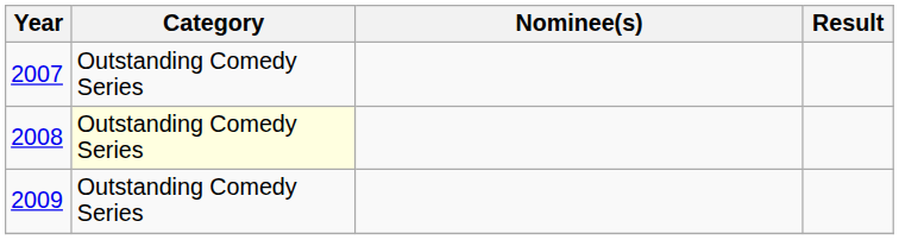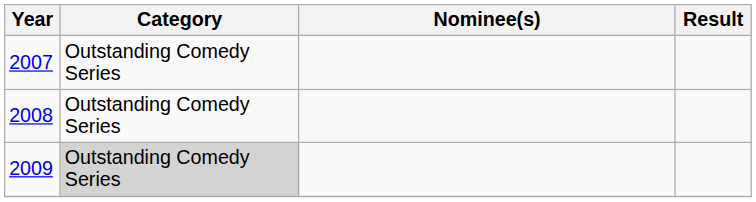 <table class="wikitable">
 <tr>
 <th width="2%">Year</th>
 <th width="27%">Category</th>
 <th width="42.5%">Nominee(s)</th>
 <th width="5%">Result</th>
 </tr>
 <tr>
 <td><a href='#'>2007</a></td>
 <td>Outstanding Comedy Series</td>
 <td></td>
 <td></td>
 </tr>
 <tr>
 <td><a href='#'>2008</a></td>
-<td style="background: lightyellow;">Outstanding Comedy Series</td>
+<td>Outstanding Comedy Series</td>
 <td></td>
 <td></td>
 </tr>
 <tr>
 <td><a href='#'>2009</a></td>
-<td>Outstanding Comedy Series</td>
+<td style="background: lightgrey;">Outstanding Comedy Series</td>
 <td></td>
 <td></td>
 </tr>
 <tr>
 </tr>
 </table>
